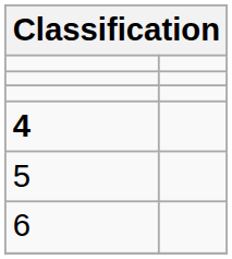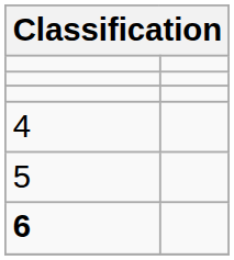 <table class="wikitable" font-size: 90%;>
 <tr>
 <th colspan=2>Classification</th>
 </tr>
 <tr valign="top">
 <td></td>
 <td></td>
 </tr>
 <tr>
 <td></td>
 <td></td>
 </tr>
 <tr>
 <td></td>
 <td></td>
 </tr>
 <tr>
-<td><strong>4</strong></td>
+<td>4</td>
 <td></td>
 </tr>
 <tr>
 <td>5</td>
 <td></td>
 </tr>
 <tr>
-<td>6</td>
+<td><strong>6</strong></td>
 <td></td>
 </tr>
 <tr>
 </tr>
 </table>
